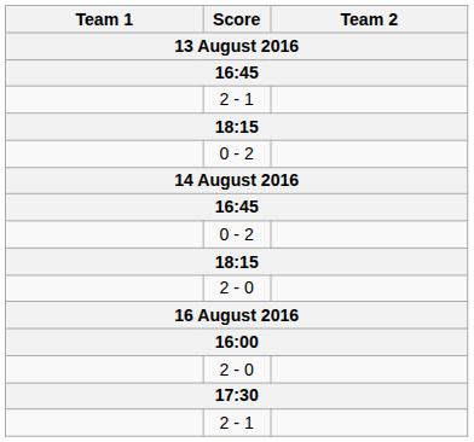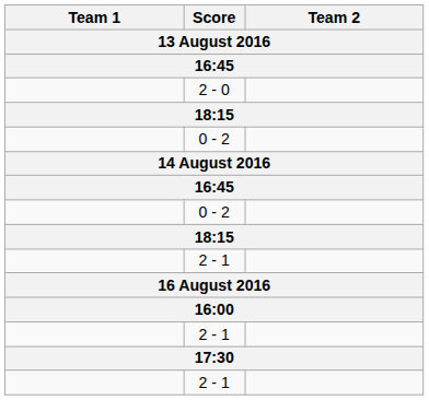 <table class="wikitable" style="text-align: center; font-size:90% ">
 <tr>
 <th align="right" width="160">Team 1</th>
 <th width="50">Score</th>
 <th align="left" width="160">Team 2</th>
 </tr>
 <tr>
 <th colspan=3>13 August 2016</th>
 </tr>
 <tr>
 <th colspan=3>16:45</th>
 </tr>
 <tr>
 <td align=right></td>
-<td align=center>2 - 1</td>
+<td align=center>2 - 0</td>
 <td align=left></td>
 </tr>
 <tr>
 <th colspan=3>18:15</th>
 </tr>
 <tr>
 <td align=right></td>
 <td align=center>0 - 2</td>
 <td align=left></td>
 </tr>
 <tr>
 <th colspan=3>14 August 2016</th>
 </tr>
 <tr>
 <th colspan=3>16:45</th>
 </tr>
 <tr>
 <td align=right></td>
 <td align=center>0 - 2</td>
 <td align=left></td>
 </tr>
 <tr>
 <th colspan=3>18:15</th>
 </tr>
 <tr>
 <td align=right></td>
-<td align=center>2 - 0</td>
+<td align=center>2 - 1</td>
 <td align=left></td>
 </tr>
 <tr>
 <th colspan=3>16 August 2016</th>
 </tr>
 <tr>
 <th colspan=3>16:00</th>
 </tr>
 <tr>
 <td align=right></td>
-<td align=center>2 - 0</td>
+<td align=center>2 - 1</td>
 <td align=left></td>
 </tr>
 <tr>
 <th colspan=3>17:30</th>
 </tr>
 <tr>
 <td align=right></td>
 <td align=center>2 - 1</td>
 <td align=left></td>
 </tr>
 </table>
